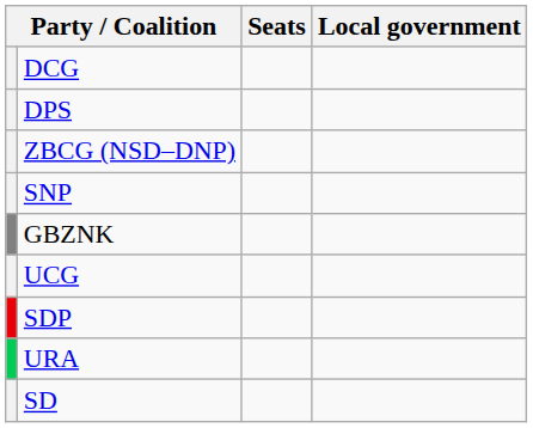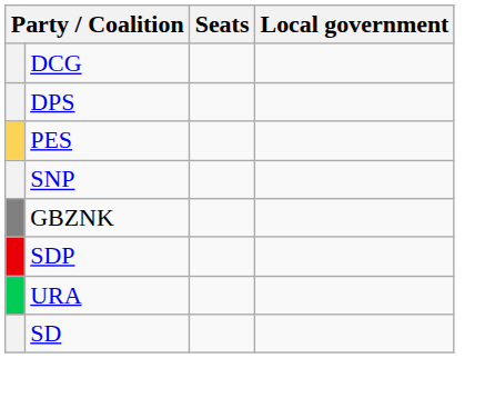 <table class="wikitable" style="text-align:left;">
 <tr>
 <th colspan=2>Party / Coalition</th>
 <th>Seats</th>
 <th>Local government</th>
 </tr>
 <tr>
 <th style="background-color: "></th>
 <td><a href='#'>DCG</a></td>
 <td></td>
 <td></td>
 </tr>
 <tr>
 <th style="background-color: "></th>
 <td><a href='#'>DPS</a></td>
 <td></td>
 <td></td>
 </tr>
 <tr>
-<th style="background-color: "></th>
-<td><a href='#'>ZBCG (NSD–DNP)</a></td>
+<th style="background-color: #FBD455"></th>
+<td><a href='#'>PES</a></td>
 <td></td>
 <td></td>
 </tr>
 <tr>
 <th style="background-color: "></th>
 <td><a href='#'>SNP</a></td>
 <td></td>
 <td></td>
 </tr>
 <tr>
 <th style="background-color: gray "></th>
 <td>GBZNK</td>
-<td></td>
-<td></td>
-</tr>
-<tr>
-<th style="background-color: "></th>
-<td><a href='#'>UCG</a></td>
 <td></td>
 <td></td>
 </tr>
 <tr>
 <th style="background-color: #e90007;"></th>
 <td><a href='#'>SDP</a></td>
 <td></td>
 <td></td>
 </tr>
 <tr>
 <th style="background-color: #00cc55;"></th>
 <td><a href='#'>URA</a></td>
 <td></td>
 <td></td>
 </tr>
 <tr>
 <th style="background:"></th>
 <td><a href='#'>SD</a></td>
 <td></td>
 <td></td>
 </tr>
 </table>
